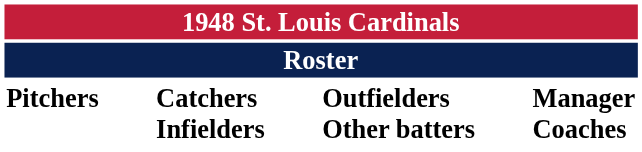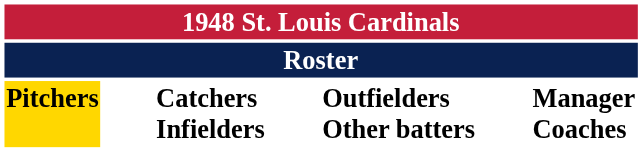 <table class="toccolours" style="font-size: 95%;">
 <tr>
 <th colspan="10" style="background-color: #c41e3a; color: white; text-align: center;">1948 St. Louis Cardinals</th>
 </tr>
 <tr>
 <td colspan="10" style="background-color: #0a2252; color: white; text-align: center;"><strong>Roster</strong></td>
 </tr>
 <tr>
-<td valign="top"><strong>Pitchers</strong><br>            </td>
+<td valign="top" style="background: gold;"><strong>Pitchers</strong><br>            </td>
 <td width="25px"></td>
 <td valign="top"><strong>Catchers</strong><br>     <strong>Infielders</strong>         </td>
 <td width="25px"></td>
 <td valign="top"><strong>Outfielders</strong><br>        <strong>Other batters</strong>  </td>
 <td width="25px"></td>
 <td valign="top"><strong>Manager</strong><br> <strong>Coaches</strong>  </td>
 </tr>
 </table>
